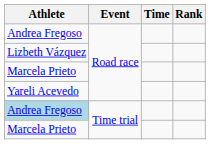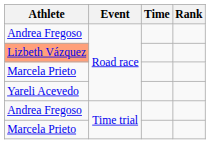 <table class="wikitable" style="font-size:90%">
 <tr>
 <th>Athlete</th>
 <th>Event</th>
 <th>Time</th>
 <th>Rank</th>
 </tr>
 <tr>
 <td><a href='#'>Andrea Fregoso</a></td>
 <td align=center rowspan=4><a href='#'>Road race</a></td>
 <td></td>
 <td></td>
 </tr>
 <tr>
-<td><a href='#'>Lizbeth Vázquez</a></td>
+<td style="background: lightsalmon;"><a href='#'>Lizbeth Vázquez</a></td>
 <td></td>
 <td></td>
 </tr>
 <tr>
 <td><a href='#'>Marcela Prieto</a></td>
 <td></td>
 <td></td>
 </tr>
 <tr>
 <td><a href='#'>Yareli Acevedo</a></td>
 <td></td>
 <td></td>
 </tr>
 <tr>
-<td style="background: lightblue;"><a href='#'>Andrea Fregoso</a></td>
+<td><a href='#'>Andrea Fregoso</a></td>
 <td align=center rowspan=2><a href='#'>Time trial</a></td>
 <td></td>
 <td></td>
 </tr>
 <tr>
 <td><a href='#'>Marcela Prieto</a></td>
 <td></td>
 <td></td>
 </tr>
 </table>
